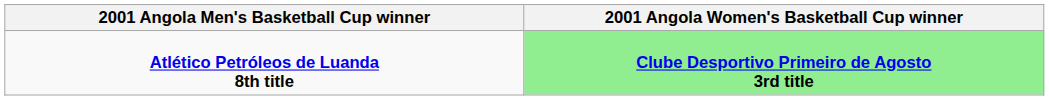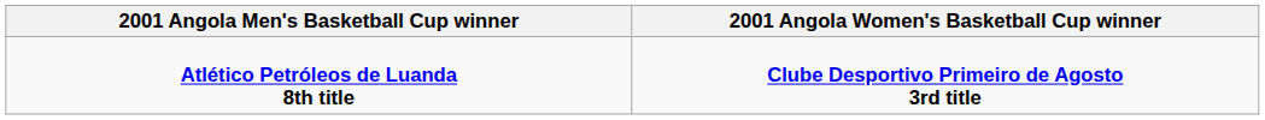 <table class=wikitable style="text-align:center; width: 1000px; margin:auto">
 <tr>
 <th width=600px>2001 Angola Men's Basketball Cup winner</th>
 <th width=600px>2001 Angola Women's Basketball Cup winner</th>
 </tr>
 <tr>
 <td><br><strong><a href='#'>Atlético Petróleos de Luanda</a></strong><br><strong>8th title</strong></td>
-<td style="background: lightgreen;"><br><strong><a href='#'>Clube Desportivo Primeiro de Agosto</a></strong><br><strong>3rd title</strong></td>
+<td><br><strong><a href='#'>Clube Desportivo Primeiro de Agosto</a></strong><br><strong>3rd title</strong></td>
 </tr>
 </table>
